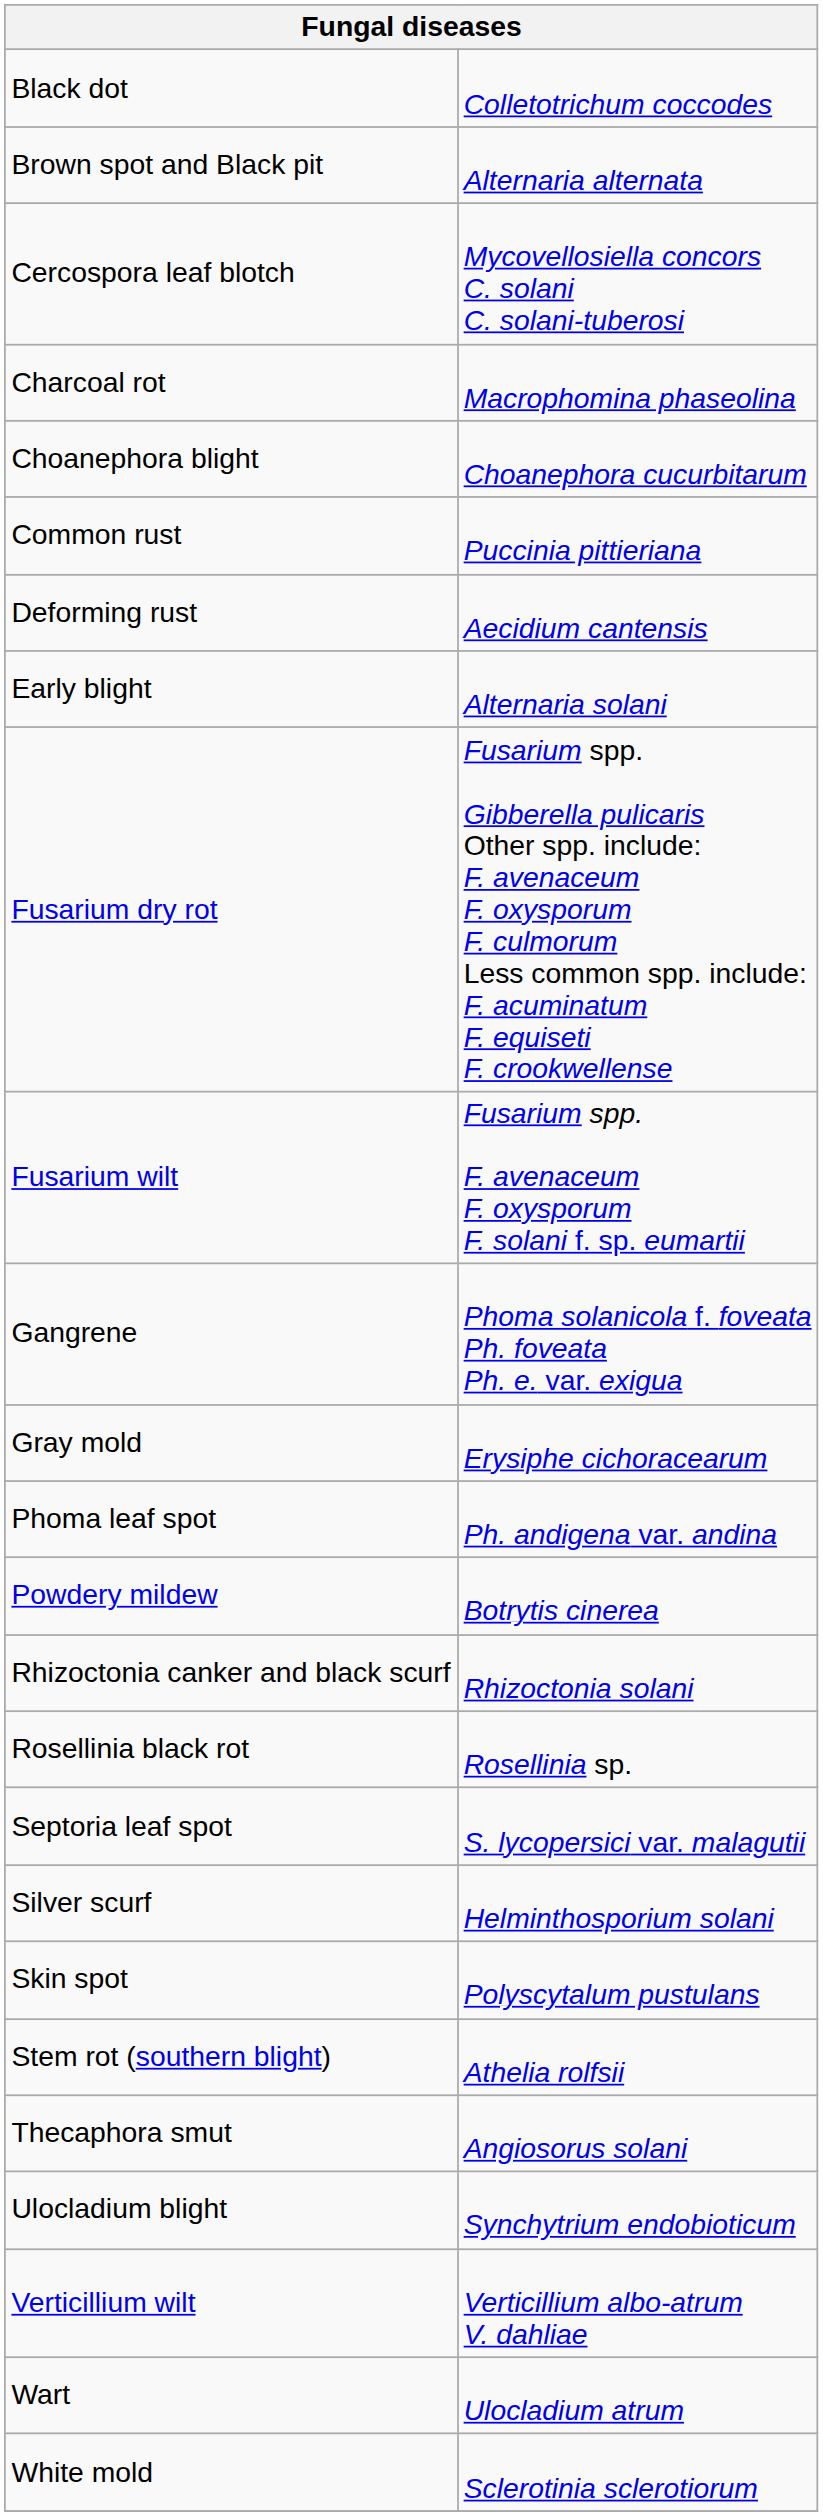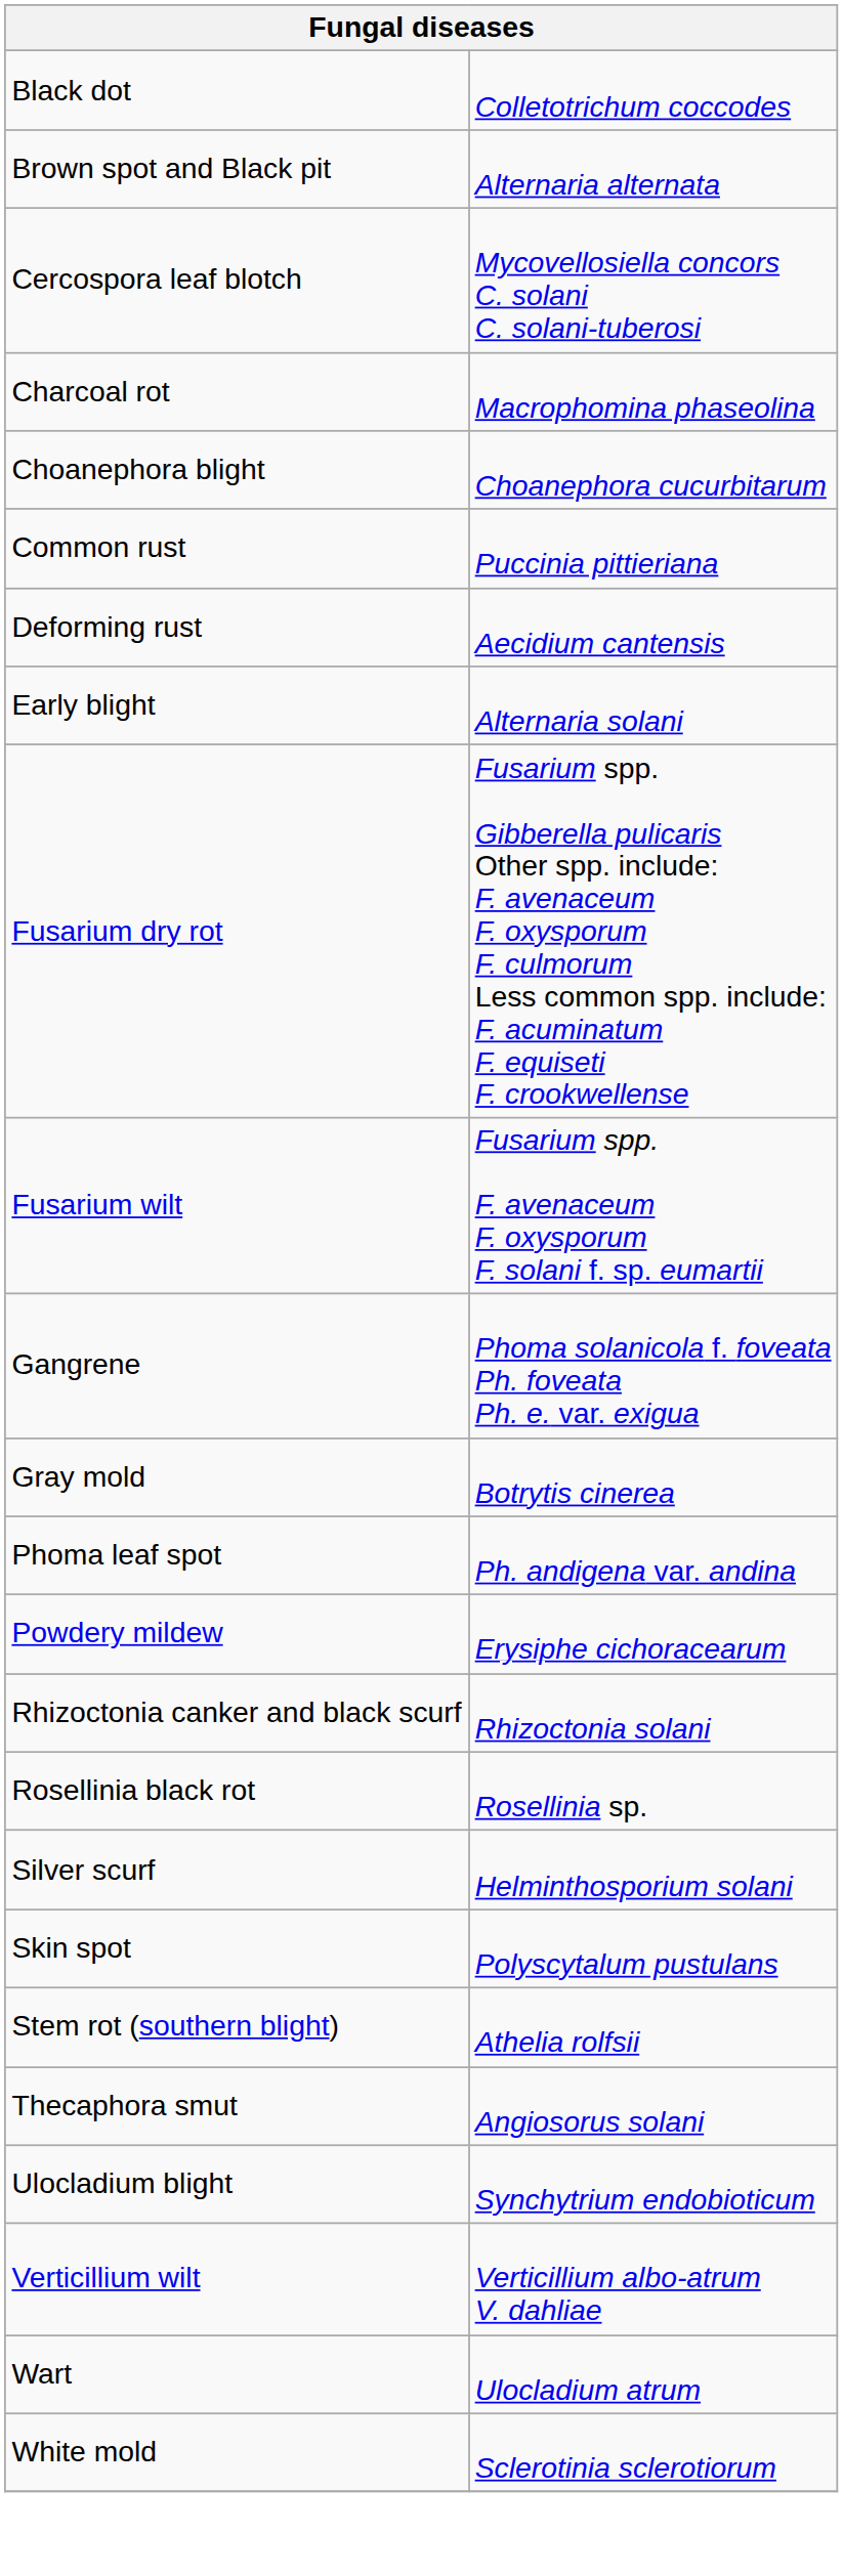 <table class="wikitable" style="clear:left">
 <tr>
 <th colspan=2><strong>Fungal diseases</strong><br></th>
 </tr>
 <tr>
 <td>Black dot</td>
 <td><br><em><a href='#'>Colletotrichum coccodes</a></em> <br></td>
 </tr>
 <tr>
 <td>Brown spot and Black pit</td>
 <td><br><em><a href='#'>Alternaria alternata</a></em> <br></td>
 </tr>
 <tr>
 <td>Cercospora leaf blotch</td>
 <td><br><em><a href='#'>Mycovellosiella concors</a></em> <br><em><a href='#'>C. solani</a></em><br> <em><a href='#'>C. solani-tuberosi</a></em></td>
 </tr>
 <tr>
 <td>Charcoal rot</td>
 <td><br><em><a href='#'>Macrophomina phaseolina</a></em> <br></td>
 </tr>
 <tr>
 <td>Choanephora blight</td>
 <td><br><em><a href='#'>Choanephora cucurbitarum</a></em></td>
 </tr>
 <tr>
 <td>Common rust</td>
 <td><br><em><a href='#'>Puccinia pittieriana</a></em></td>
 </tr>
 <tr>
 <td>Deforming rust</td>
 <td><br><em><a href='#'>Aecidium cantensis</a></em></td>
 </tr>
 <tr>
 <td>Early blight</td>
 <td><br><em><a href='#'>Alternaria solani</a></em></td>
 </tr>
 <tr>
 <td><a href='#'>Fusarium dry rot</a></td>
 <td><em><a href='#'>Fusarium</a></em> spp.<br><br><em><a href='#'>Gibberella pulicaris</a></em> <br>Other spp. include:<br> <em><a href='#'>F. avenaceum</a></em><br> <em><a href='#'>F. oxysporum</a></em><br> <em><a href='#'>F. culmorum</a></em><br> Less common spp. include: <br> <em><a href='#'>F. acuminatum</a></em><br> <em><a href='#'>F. equiseti</a></em><br> <em><a href='#'>F. crookwellense</a></em></td>
 </tr>
 <tr>
 <td><a href='#'>Fusarium wilt</a></td>
 <td><em><a href='#'>Fusarium</a> spp.</em><br><br><em><a href='#'>F. avenaceum</a></em><br> <em><a href='#'>F. oxysporum</a></em><br> <a href='#'><em>F. solani</em> f. sp. <em>eumartii</em></a></td>
 </tr>
 <tr>
 <td>Gangrene</td>
 <td><br><a href='#'><em>Phoma solanicola</em> f. <em>foveata</em></a><br> <em><a href='#'>Ph. foveata</a></em> <br><a href='#'><em>Ph. e.</em> var. <em>exigua</em></a></td>
 </tr>
 <tr>
 <td>Gray mold</td>
-<td><br><em><a href='#'>Erysiphe cichoracearum</a></em></td>
+<td><br><em><a href='#'>Botrytis cinerea</a></em><br></td>
 </tr>
 <tr>
 <td>Phoma leaf spot</td>
 <td><br><a href='#'><em>Ph. andigena</em> var. <em>andina</em></a></td>
 </tr>
 <tr>
 <td><a href='#'>Powdery mildew</a></td>
-<td><br><em><a href='#'>Botrytis cinerea</a></em><br></td>
+<td><br><em><a href='#'>Erysiphe cichoracearum</a></em></td>
 </tr>
 <tr>
 <td>Rhizoctonia canker and black scurf</td>
 <td><br><em><a href='#'>Rhizoctonia solani</a></em><br></td>
 </tr>
 <tr>
 <td>Rosellinia black rot</td>
 <td><br><em><a href='#'>Rosellinia</a></em> sp. <br></td>
-</tr>
-<tr>
-<td>Septoria leaf spot</td>
-<td><br><a href='#'><em>S. lycopersici</em> var. <em>malagutii</em></a></td>
 </tr>
 <tr>
 <td>Silver scurf</td>
 <td><br><em><a href='#'>Helminthosporium solani</a></em></td>
 </tr>
 <tr>
 <td>Skin spot</td>
 <td><br><em><a href='#'>Polyscytalum pustulans</a></em></td>
 </tr>
 <tr>
 <td>Stem rot (<a href='#'>southern blight</a>)</td>
 <td><br><em><a href='#'>Athelia rolfsii</a></em></td>
 </tr>
 <tr>
 <td>Thecaphora smut</td>
 <td><br><em><a href='#'>Angiosorus solani</a></em> <br></td>
 </tr>
 <tr>
 <td>Ulocladium blight</td>
 <td><br><em><a href='#'>Synchytrium endobioticum</a></em></td>
 </tr>
 <tr>
 <td><a href='#'>Verticillium wilt</a></td>
 <td><br><em><a href='#'>Verticillium albo-atrum</a></em> <br> <em><a href='#'>V. dahliae</a></em></td>
 </tr>
 <tr>
 <td>Wart</td>
 <td><br><em><a href='#'>Ulocladium atrum</a></em></td>
 </tr>
 <tr>
 <td>White mold</td>
 <td><br><em><a href='#'>Sclerotinia sclerotiorum</a></em></td>
 </tr>
 <tr>
 </tr>
 </table>
